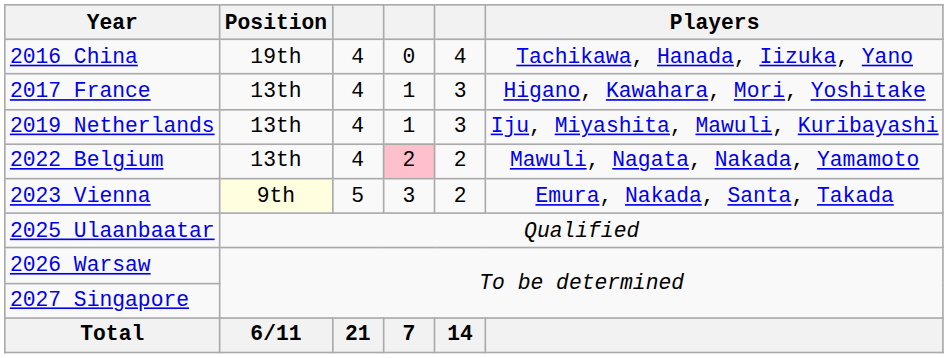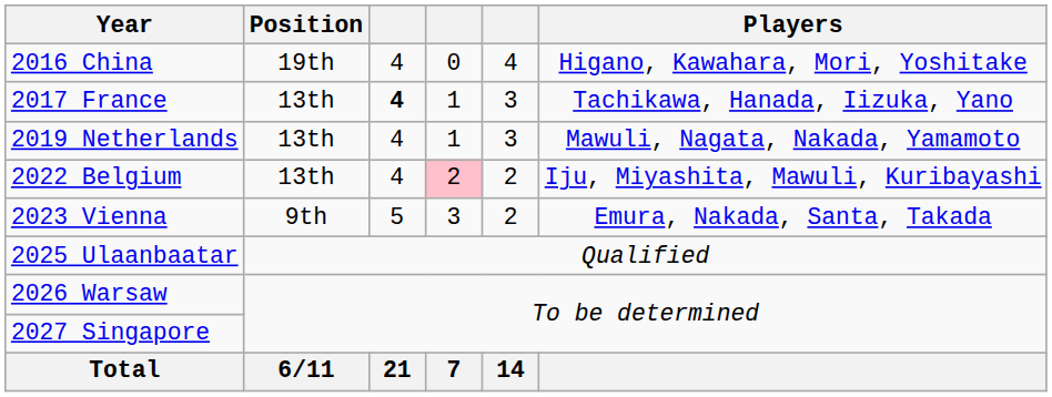 <table class="wikitable" style="text-align: center;">
 <tr>
 <th>Year</th>
 <th>Position</th>
 <th width=25px></th>
 <th width=25px></th>
 <th width=25px></th>
 <th>Players</th>
 </tr>
 <tr>
 <td style="text-align: left;"> <a href='#'>2016 China</a></td>
 <td>19th</td>
 <td>4</td>
 <td>0</td>
 <td>4</td>
-<td><a href='#'>Tachikawa</a>, <a href='#'>Hanada</a>, <a href='#'>Iizuka</a>, <a href='#'>Yano</a></td>
+<td><a href='#'>Higano</a>, <a href='#'>Kawahara</a>, <a href='#'>Mori</a>, <a href='#'>Yoshitake</a></td>
 </tr>
 <tr>
 <td style="text-align: left;"> <a href='#'>2017 France</a></td>
 <td>13th</td>
-<td>4</td>
+<td><strong>4</strong></td>
 <td>1</td>
 <td>3</td>
-<td><a href='#'>Higano</a>, <a href='#'>Kawahara</a>, <a href='#'>Mori</a>, <a href='#'>Yoshitake</a></td>
+<td><a href='#'>Tachikawa</a>, <a href='#'>Hanada</a>, <a href='#'>Iizuka</a>, <a href='#'>Yano</a></td>
 </tr>
 <tr>
 <td style="text-align: left;"> <a href='#'>2019 Netherlands</a></td>
 <td>13th</td>
 <td>4</td>
 <td>1</td>
 <td>3</td>
-<td><a href='#'>Iju</a>, <a href='#'>Miyashita</a>, <a href='#'>Mawuli</a>, <a href='#'>Kuribayashi</a></td>
+<td><a href='#'>Mawuli</a>, <a href='#'>Nagata</a>, <a href='#'>Nakada</a>, <a href='#'>Yamamoto</a></td>
 </tr>
 <tr>
 <td style="text-align: left;"> <a href='#'>2022 Belgium</a></td>
 <td>13th</td>
 <td>4</td>
 <td style="background: pink;">2</td>
 <td>2</td>
-<td><a href='#'>Mawuli</a>, <a href='#'>Nagata</a>, <a href='#'>Nakada</a>, <a href='#'>Yamamoto</a></td>
+<td><a href='#'>Iju</a>, <a href='#'>Miyashita</a>, <a href='#'>Mawuli</a>, <a href='#'>Kuribayashi</a></td>
 </tr>
 <tr>
 <td style="text-align:left;"> <a href='#'>2023 Vienna</a></td>
-<td style="background: lightyellow;">9th</td>
+<td>9th</td>
 <td>5</td>
 <td>3</td>
 <td>2</td>
 <td><a href='#'>Emura</a>, <a href='#'>Nakada</a>, <a href='#'>Santa</a>, <a href='#'>Takada</a></td>
 </tr>
 <tr>
 <td style="text-align:left;"> <a href='#'>2025 Ulaanbaatar</a></td>
 <td colspan=5><em>Qualified</em></td>
 </tr>
 <tr>
 <td style="text-align:left;"> <a href='#'>2026 Warsaw</a></td>
 <td colspan=5 rowspan=2><em>To be determined</em></td>
 </tr>
 <tr>
 <td style="text-align:left;"> <a href='#'>2027 Singapore</a></td>
 </tr>
 <tr>
 <th>Total</th>
 <th>6/11</th>
 <th>21</th>
 <th>7</th>
 <th>14</th>
 <th></th>
 </tr>
 </table>
